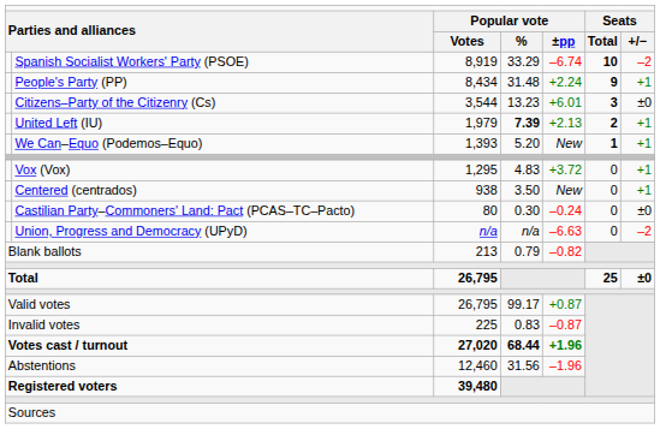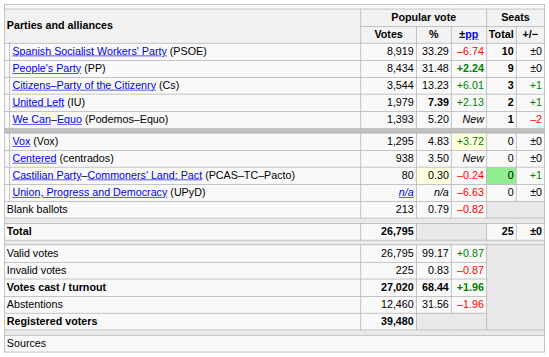 <table class="wikitable" style="text-align:right;">
 <tr>
 <td colspan="7"></td>
 </tr>
 <tr>
 <th style="text-align:left;" rowspan="2" colspan="2" width="525">Parties and alliances</th>
 <th colspan="3">Popular vote</th>
 <th colspan="2">Seats</th>
 </tr>
 <tr>
 <th width="75">Votes</th>
 <th width="45">%</th>
 <th width="45">±<a href='#'>pp</a></th>
 <th width="35">Total</th>
 <th width="35">+/−</th>
 </tr>
 <tr>
 <td width="1" style="color:inherit;background:"></td>
 <td align="left"><a href='#'>Spanish Socialist Workers' Party</a> (PSOE)</td>
 <td>8,919</td>
 <td>33.29</td>
 <td style="color:red;">–6.74</td>
 <td><strong>10</strong></td>
-<td style="color:red;">–2</td>
+<td>±0</td>
 </tr>
 <tr>
 <td style="color:inherit;background:"></td>
 <td align="left"><a href='#'>People's Party</a> (PP)</td>
 <td>8,434</td>
 <td>31.48</td>
-<td style="color:green;">+2.24</td>
+<td style="color:green;"><strong>+2.24</strong></td>
 <td><strong>9</strong></td>
-<td style="color:green;">+1</td>
+<td>±0</td>
 </tr>
 <tr>
 <td style="color:inherit;background:"></td>
 <td align="left"><a href='#'>Citizens–Party of the Citizenry</a> (Cs)</td>
 <td>3,544</td>
 <td>13.23</td>
 <td style="color:green;">+6.01</td>
 <td><strong>3</strong></td>
-<td>±0</td>
+<td style="color:green;">+1</td>
 </tr>
 <tr>
 <td style="color:inherit;background:"></td>
 <td align="left"><a href='#'>United Left</a> (IU)</td>
 <td>1,979</td>
 <td><strong>7.39</strong></td>
 <td style="color:green;">+2.13</td>
 <td><strong>2</strong></td>
 <td style="color:green;">+1</td>
 </tr>
 <tr>
 <td style="color:inherit;background:"></td>
 <td align="left"><a href='#'>We Can</a>–<a href='#'>Equo</a> (Podemos–Equo)</td>
 <td>1,393</td>
 <td>5.20</td>
 <td><em>New</em></td>
 <td><strong>1</strong></td>
-<td style="color:green;">+1</td>
+<td style="color:red;">–2</td>
 </tr>
 <tr>
 <td colspan="7" bgcolor="#C0C0C0"></td>
 </tr>
 <tr>
 <td style="color:inherit;background:"></td>
 <td align="left"><a href='#'>Vox</a> (Vox)</td>
 <td>1,295</td>
 <td>4.83</td>
-<td style="color:green;">+3.72</td>
+<td style="background: lightyellow; color:green;">+3.72</td>
 <td>0</td>
-<td style="color:green;">+1</td>
+<td>±0</td>
 </tr>
 <tr>
 <td style="color:inherit;background:"></td>
 <td align="left"><a href='#'>Centered</a> (centrados)</td>
 <td>938</td>
 <td>3.50</td>
 <td><em>New</em></td>
 <td>0</td>
-<td style="color:green;">+1</td>
+<td>±0</td>
 </tr>
 <tr>
 <td style="color:inherit;background:"></td>
 <td align="left"><a href='#'>Castilian Party</a>–<a href='#'>Commoners' Land: Pact</a> (PCAS–TC–Pacto)</td>
 <td>80</td>
-<td>0.30</td>
+<td style="background: lightyellow;">0.30</td>
 <td style="color:red;">–0.24</td>
-<td>0</td>
-<td>±0</td>
+<td style="background: lightgreen;">0</td>
+<td style="color:green;">+1</td>
 </tr>
 <tr>
 <td style="color:inherit;background:"></td>
 <td align="left"><a href='#'>Union, Progress and Democracy</a> (UPyD)</td>
 <td><em><a href='#'>n/a</a></em></td>
 <td><em>n/a</em></td>
 <td style="color:red;">–6.63</td>
 <td>0</td>
-<td style="color:red;">–2</td>
+<td>±0</td>
 </tr>
 <tr>
 <td align="left" colspan="2">Blank ballots</td>
 <td>213</td>
 <td>0.79</td>
 <td style="color:red;">–0.82</td>
 <td bgcolor="#E9E9E9" colspan="2"></td>
 </tr>
 <tr>
 <td colspan="7" bgcolor="#E9E9E9"></td>
 </tr>
 <tr style="font-weight:bold;">
 <td align="left" colspan="2">Total</td>
 <td>26,795</td>
 <td bgcolor="#E9E9E9" colspan="2"></td>
 <td>25</td>
 <td>±0</td>
 </tr>
 <tr>
 <td colspan="7" bgcolor="#E9E9E9"></td>
 </tr>
 <tr>
 <td align="left" colspan="2">Valid votes</td>
 <td>26,795</td>
 <td>99.17</td>
 <td style="color:green;">+0.87</td>
 <td bgcolor="#E9E9E9" colspan="2" rowspan="5"></td>
 </tr>
 <tr>
 <td align="left" colspan="2">Invalid votes</td>
 <td>225</td>
 <td>0.83</td>
 <td style="color:red;">–0.87</td>
 </tr>
 <tr style="font-weight:bold;">
 <td align="left" colspan="2">Votes cast / turnout</td>
 <td>27,020</td>
 <td>68.44</td>
 <td style="color:green;">+1.96</td>
 </tr>
 <tr>
 <td align="left" colspan="2">Abstentions</td>
 <td>12,460</td>
 <td>31.56</td>
 <td style="color:red;">–1.96</td>
 </tr>
 <tr style="font-weight:bold;">
 <td align="left" colspan="2">Registered voters</td>
 <td>39,480</td>
 <td bgcolor="#E9E9E9" colspan="2"></td>
 </tr>
 <tr>
 <td colspan="7" bgcolor="#E9E9E9"></td>
 </tr>
 <tr>
 <td align="left" colspan="7">Sources</td>
 </tr>
 </table>
